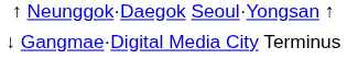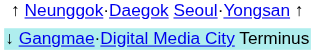 <table>
 <tr>
 <td style="text-align:center;">↑ <a href='#'>Neunggok</a>·<a href='#'>Daegok</a>  <a href='#'>Seoul</a>·<a href='#'>Yongsan</a> ↑</td>
 </tr>
 <tr>
 <td style="text-align:center;">          </td>
 </tr>
 <tr>
-<td style="text-align:center;">↓ <a href='#'>Gangmae</a>·<a href='#'>Digital Media City</a>  Terminus</td>
+<td style="background: paleturquoise; text-align:center;">↓ <a href='#'>Gangmae</a>·<a href='#'>Digital Media City</a>  Terminus</td>
 </tr>
 </table>
